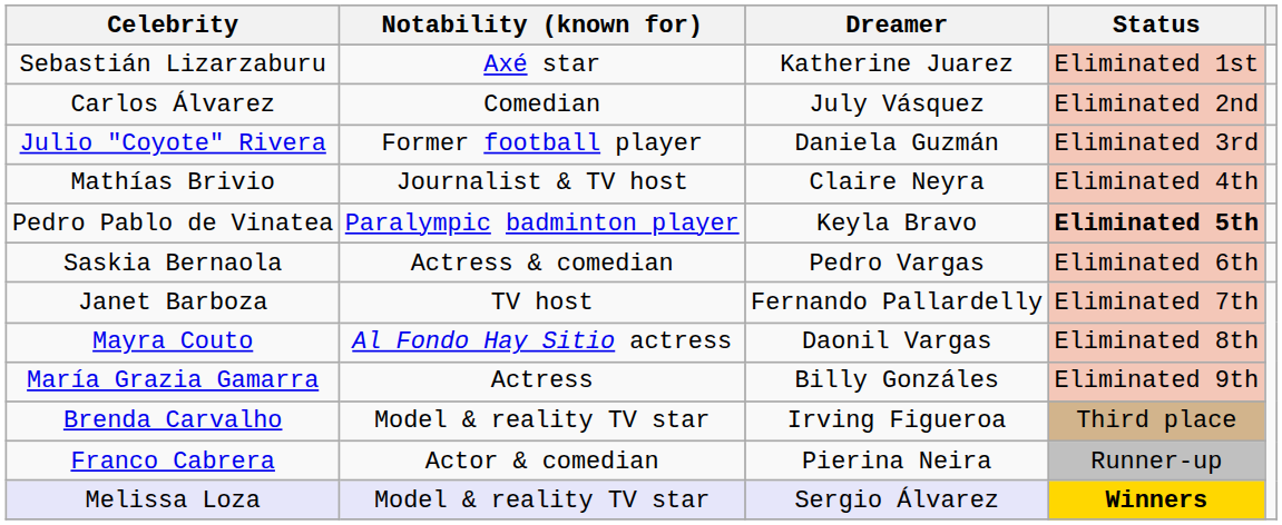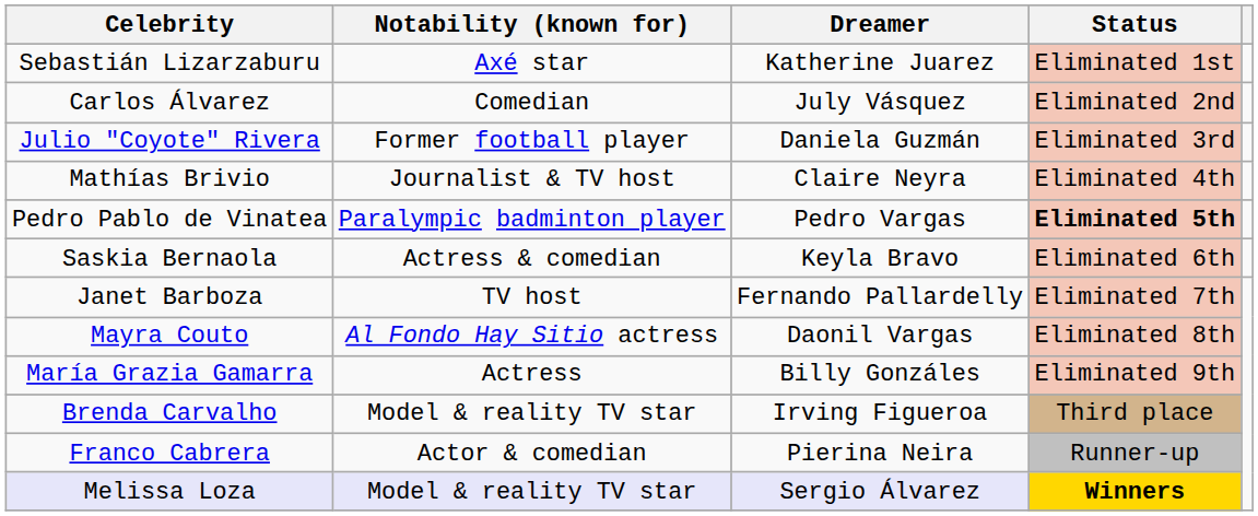 <table class= "wikitable sortable" style="text-align: center; margin:auto; align: center">
 <tr>
 <th>Celebrity</th>
 <th>Notability (known for)</th>
 <th>Dreamer</th>
 <th>Status</th>
 <th class="unsortable"></th>
 </tr>
 <tr>
 <td>Sebastián Lizarzaburu</td>
 <td><a href='#'>Axé</a> star</td>
 <td>Katherine Juarez</td>
 <td style="background:#f4c7b8">Eliminated 1st<br></td>
 <td></td>
 </tr>
 <tr>
 <td>Carlos Álvarez</td>
 <td>Comedian</td>
 <td>July Vásquez</td>
 <td style="background:#f4c7b8">Eliminated 2nd<br></td>
 <td></td>
 </tr>
 <tr>
 <td><a href='#'>Julio "Coyote" Rivera</a></td>
 <td>Former <a href='#'>football</a> player</td>
 <td>Daniela Guzmán</td>
 <td style="background:#f4c7b8">Eliminated 3rd<br></td>
 <td></td>
 </tr>
 <tr>
 <td>Mathías Brivio</td>
 <td>Journalist & TV host</td>
 <td>Claire Neyra</td>
 <td style="background:#f4c7b8">Eliminated 4th<br></td>
 <td></td>
 </tr>
 <tr>
 <td>Pedro Pablo de Vinatea</td>
 <td><a href='#'>Paralympic</a> <a href='#'>badminton player</a></td>
-<td>Keyla Bravo</td>
+<td>Pedro Vargas</td>
 <td style="background:#f4c7b8"><strong>Eliminated 5th<br></strong></td>
 <td></td>
 </tr>
 <tr>
 <td>Saskia Bernaola</td>
 <td>Actress & comedian</td>
-<td>Pedro Vargas</td>
+<td>Keyla Bravo</td>
 <td style="background:#f4c7b8">Eliminated 6th<br></td>
 <td></td>
 </tr>
 <tr>
 <td>Janet Barboza</td>
 <td>TV host</td>
 <td>Fernando Pallardelly</td>
 <td style="background:#f4c7b8">Eliminated 7th<br></td>
 <td rowspan=6></td>
 </tr>
 <tr>
 <td><a href='#'>Mayra Couto</a></td>
 <td><em><a href='#'>Al Fondo Hay Sitio</a></em> actress</td>
 <td>Daonil Vargas</td>
 <td style="background:#f4c7b8">Eliminated 8th<br></td>
 </tr>
 <tr>
 <td><a href='#'>María Grazia Gamarra</a></td>
 <td>Actress</td>
 <td>Billy Gonzáles</td>
 <td style="background:#f4c7b8">Eliminated 9th<br></td>
 </tr>
 <tr>
 <td><a href='#'>Brenda Carvalho</a></td>
 <td>Model & reality TV star</td>
 <td>Irving Figueroa</td>
 <td style="background:tan">Third place<br></td>
 </tr>
 <tr>
 <td><a href='#'>Franco Cabrera</a></td>
 <td>Actor & comedian</td>
 <td>Pierina Neira</td>
 <td style="background:silver">Runner-up<br></td>
 </tr>
 <tr>
 <td style="background:lavender;">Melissa Loza</td>
 <td style="background:lavender;">Model & reality TV star</td>
 <td style="background:lavender;">Sergio Álvarez</td>
 <td style="background:Gold;"><strong>Winners</strong><br></td>
 </tr>
 </table>
